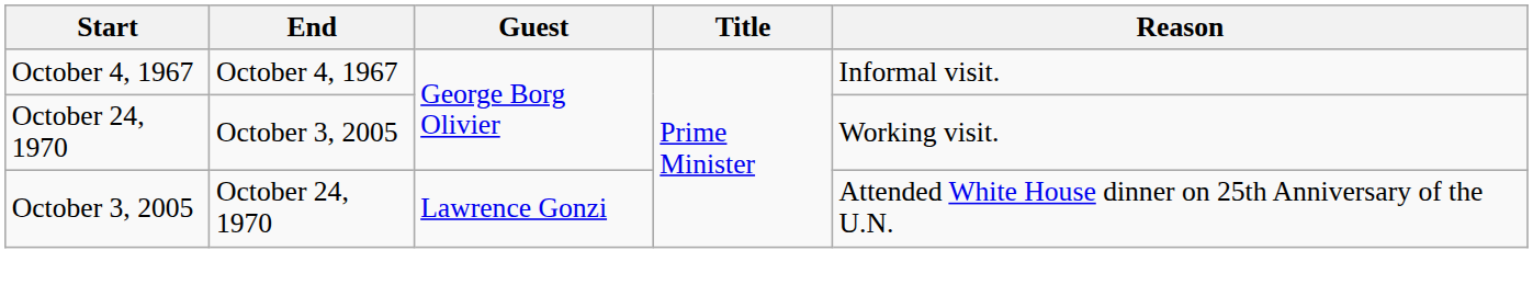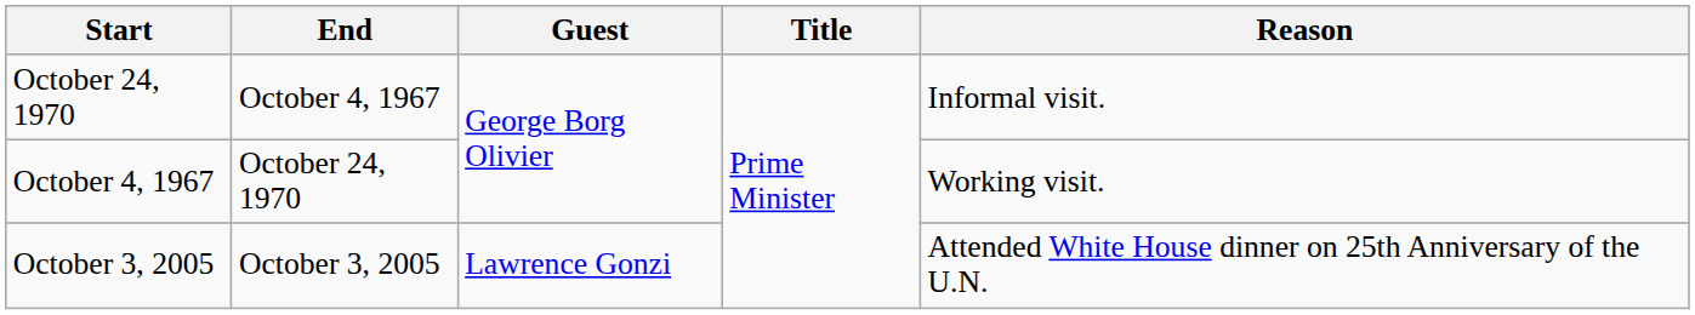 <table class="wikitable sortable">
 <tr>
 <th>Start</th>
 <th>End</th>
 <th>Guest</th>
 <th>Title</th>
 <th>Reason</th>
 </tr>
 <tr>
-<td>October 4, 1967</td>
+<td>October 24, 1970</td>
 <td>October 4, 1967</td>
 <td rowspan=2><a href='#'>George Borg Olivier</a></td>
 <td rowspan=3><a href='#'>Prime Minister</a></td>
 <td>Informal visit.</td>
 </tr>
 <tr>
+<td>October 4, 1967</td>
 <td>October 24, 1970</td>
-<td>October 3, 2005</td>
 <td>Working visit.</td>
 </tr>
 <tr>
 <td>October 3, 2005</td>
-<td>October 24, 1970</td>
+<td>October 3, 2005</td>
 <td><a href='#'>Lawrence Gonzi</a></td>
 <td>Attended <a href='#'>White House</a> dinner on 25th Anniversary of the U.N.</td>
 </tr>
 </table>
